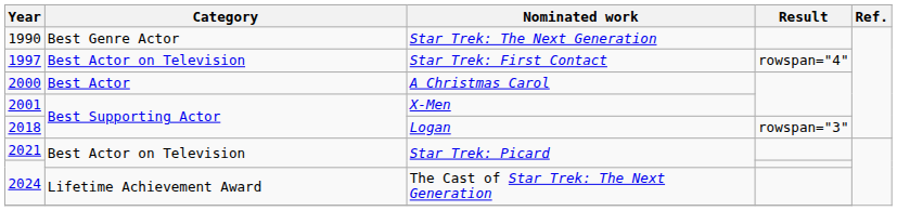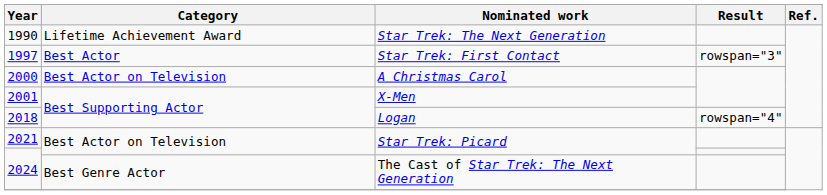 <table class=wikitable>
 <tr>
 <th scope="col" style="width:2em;">Year</th>
 <th scope="col" style="width:26em;">Category</th>
 <th scope="col" style="width:25em;">Nominated work</th>
 <th scope="col" style="width:5em;">Result</th>
 <th>Ref.</th>
 </tr>
 <tr>
 <td>1990</td>
-<td>Best Genre Actor</td>
+<td>Lifetime Achievement Award</td>
 <td><em><a href='#'>Star Trek: The Next Generation</a></em></td>
 <td></td>
 <td rowspan="5"></td>
 </tr>
 <tr>
 <td><a href='#'>1997</a></td>
-<td><a href='#'>Best Actor on Television</a></td>
+<td><a href='#'>Best Actor</a></td>
 <td><em><a href='#'>Star Trek: First Contact</a></em></td>
-<td>rowspan="4" </td>
+<td>rowspan="3" </td>
 </tr>
 <tr>
 <td><a href='#'>2000</a></td>
-<td><a href='#'>Best Actor</a></td>
+<td><a href='#'>Best Actor on Television</a></td>
 <td><em><a href='#'>A Christmas Carol</a></em></td>
 </tr>
 <tr>
 <td><a href='#'>2001</a></td>
 <td rowspan="2"><a href='#'>Best Supporting Actor</a></td>
 <td><em><a href='#'>X-Men</a></em></td>
 </tr>
 <tr>
 <td><a href='#'>2018</a></td>
 <td><em><a href='#'>Logan</a></em></td>
-<td>rowspan="3" </td>
+<td>rowspan="4" </td>
 </tr>
 <tr>
 <td><a href='#'>2021</a></td>
 <td rowspan="2">Best Actor on Television</td>
 <td rowspan="2"><em><a href='#'>Star Trek: Picard</a></em></td>
 <td></td>
 </tr>
 <tr>
 <td rowspan="2"><a href='#'>2024</a></td>
 <td></td>
 </tr>
 <tr>
-<td>Lifetime Achievement Award</td>
+<td>Best Genre Actor</td>
 <td>The Cast of <em><a href='#'>Star Trek: The Next Generation</a></em></td>
 <td></td>
 </tr>
 <tr>
 </tr>
 </table>
